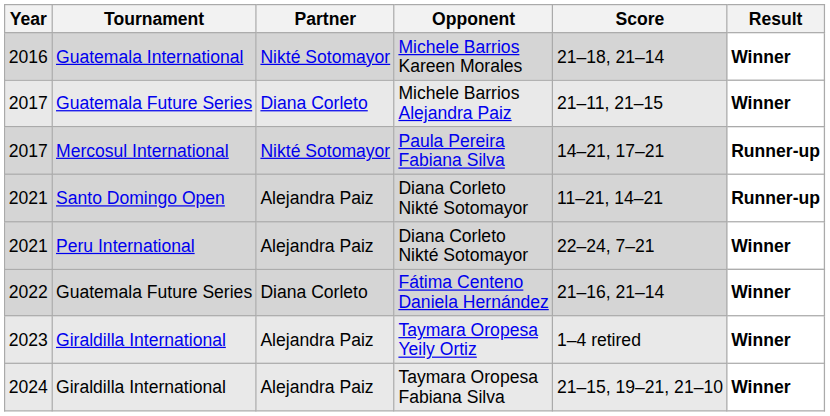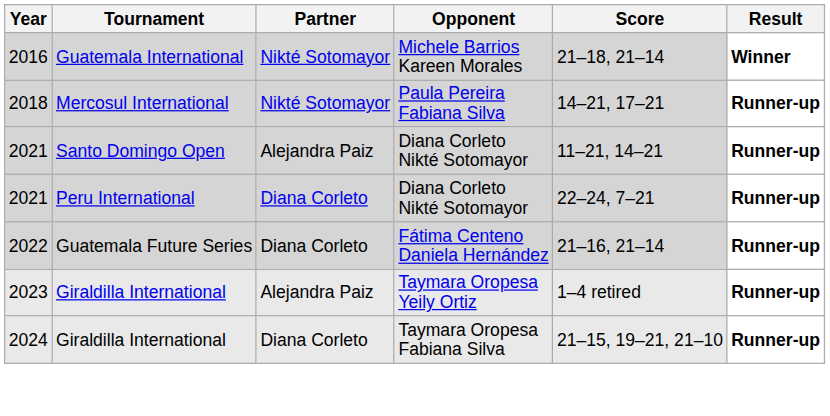 <table class="sortable wikitable" style="font-size: 90%;">
 <tr>
 <th>Year</th>
 <th>Tournament</th>
 <th>Partner</th>
 <th>Opponent</th>
 <th>Score</th>
 <th>Result</th>
 </tr>
 <tr style="background:#D5D5D5">
 <td align="center">2016</td>
 <td align="left"><a href='#'>Guatemala International</a></td>
 <td align="left"> <a href='#'>Nikté Sotomayor</a></td>
 <td align="left"> <a href='#'>Michele Barrios</a><br>  Kareen Morales</td>
 <td align="left">21–18, 21–14</td>
 <td style="text-align:left; background:white"> <strong>Winner</strong></td>
 </tr>
-<tr style="background:#E9E9E9">
-<td align="center">2017</td>
-<td align="left"><a href='#'>Guatemala Future Series</a></td>
-<td align="left"> <a href='#'>Diana Corleto</a></td>
-<td align="left"> Michele Barrios<br>  <a href='#'>Alejandra Paiz</a></td>
-<td align="left">21–11, 21–15</td>
-<td style="text-align:left; background:white"> <strong>Winner</strong></td>
-</tr>
 <tr style="background:#D5D5D5">
-<td align="center">2017</td>
+<td align="center">2018</td>
 <td align="left"><a href='#'>Mercosul International</a></td>
 <td align="left"> <a href='#'>Nikté Sotomayor</a></td>
 <td align="left"> <a href='#'>Paula Pereira</a><br>  <a href='#'>Fabiana Silva</a></td>
 <td align="left">14–21, 17–21</td>
 <td style="text-align:left; background:white"> <strong>Runner-up</strong></td>
 </tr>
 <tr bgcolor="#D5D5D5">
 <td align="center">2021</td>
 <td align="left"><a href='#'>Santo Domingo Open</a></td>
 <td align="left"> Alejandra Paiz</td>
 <td align="left"> Diana Corleto<br> Nikté Sotomayor</td>
 <td align="left">11–21, 14–21</td>
 <td style="text-align:left; background:white"> <strong>Runner-up</strong></td>
 </tr>
 <tr bgcolor="#D5D5D5">
 <td align="center">2021</td>
 <td align="left"><a href='#'>Peru International</a></td>
-<td align="left"> Alejandra Paiz</td>
+<td align="left"> <a href='#'>Diana Corleto</a></td>
 <td align="left"> Diana Corleto<br> Nikté Sotomayor</td>
 <td align="left">22–24, 7–21</td>
-<td style="text-align:left; background:white"> <strong>Winner</strong></td>
+<td style="text-align:left; background:white"> <strong>Runner-up</strong></td>
 </tr>
 <tr style="background:#D5D5D5">
 <td align="center">2022</td>
 <td align="left">Guatemala Future Series</td>
 <td align="left"> Diana Corleto</td>
 <td align="left"> <a href='#'>Fátima Centeno</a><br> <a href='#'>Daniela Hernández</a></td>
 <td align="left">21–16, 21–14</td>
-<td style="text-align:left; background:white"> <strong>Winner</strong></td>
+<td style="text-align:left; background:white"> <strong>Runner-up</strong></td>
 </tr>
 <tr style="background:#E9E9E9">
 <td align="center">2023</td>
 <td align="left"><a href='#'>Giraldilla International</a></td>
 <td align="left"> Alejandra Paiz</td>
 <td align="left"> <a href='#'>Taymara Oropesa</a><br> <a href='#'>Yeily Ortiz</a></td>
 <td align="left">1–4 retired</td>
-<td style="text-align:left; background:white"> <strong>Winner</strong></td>
+<td style="text-align:left; background:white"> <strong>Runner-up</strong></td>
 </tr>
 <tr style="background:#E9E9E9">
 <td align="center">2024</td>
 <td align="left">Giraldilla International</td>
-<td align="left"> Alejandra Paiz</td>
+<td align="left"> Diana Corleto</td>
 <td align="left"> Taymara Oropesa<br>  Fabiana Silva</td>
 <td align="left">21–15, 19–21, 21–10</td>
-<td style="text-align:left; background:white"> <strong>Winner</strong></td>
+<td style="text-align:left; background:white"> <strong>Runner-up</strong></td>
 </tr>
 </table>
